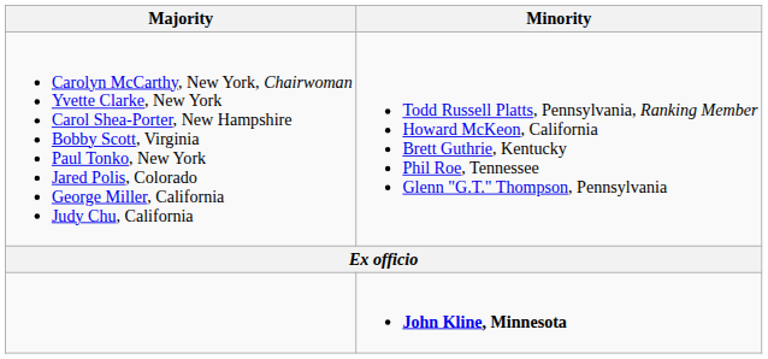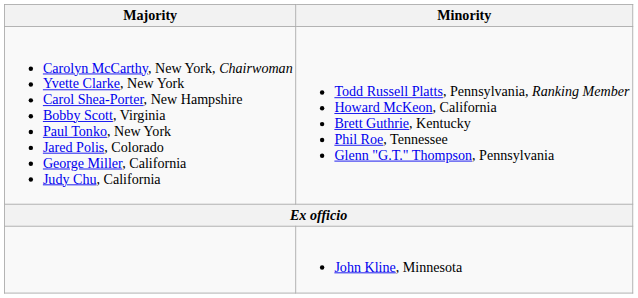 <table class=wikitable>
 <tr>
 <th>Majority</th>
 <th>Minority</th>
 </tr>
 <tr>
 <td><br><ul><li><a href='#'>Carolyn McCarthy</a>, New York, <em>Chairwoman</em></li><li><a href='#'>Yvette Clarke</a>, New York</li><li><a href='#'>Carol Shea-Porter</a>, New Hampshire</li><li><a href='#'>Bobby Scott</a>, Virginia</li><li><a href='#'>Paul Tonko</a>, New York</li><li><a href='#'>Jared Polis</a>, Colorado</li><li><a href='#'>George Miller</a>, California</li><li><a href='#'>Judy Chu</a>, California</li></ul></td>
 <td><br><ul><li><a href='#'>Todd Russell Platts</a>, Pennsylvania, <em>Ranking Member</em></li><li><a href='#'>Howard McKeon</a>, California</li><li><a href='#'>Brett Guthrie</a>, Kentucky</li><li><a href='#'>Phil Roe</a>, Tennessee</li><li><a href='#'>Glenn "G.T." Thompson</a>, Pennsylvania</li></ul></td>
 </tr>
 <tr>
 <th colspan=2><em>Ex officio</em></th>
 </tr>
 <tr>
 <td></td>
-<td><strong><br><ul><li><a href='#'>John Kline</a>, Minnesota</li></ul></strong></td>
+<td><br><ul><li><a href='#'>John Kline</a>, Minnesota</li></ul></td>
 </tr>
 </table>
